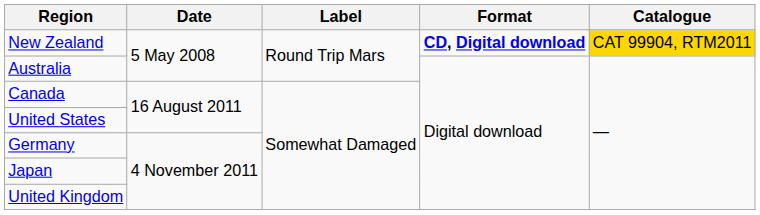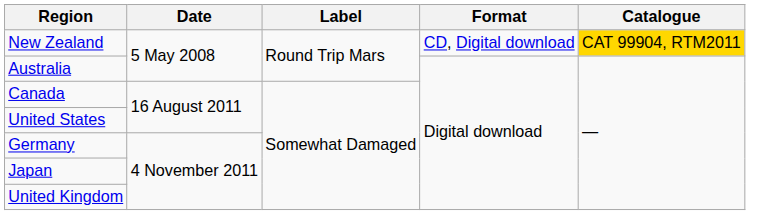 <table class="wikitable">
 <tr>
 <th>Region</th>
 <th>Date</th>
 <th>Label</th>
 <th>Format</th>
 <th>Catalogue</th>
 </tr>
 <tr>
 <td><a href='#'>New Zealand</a></td>
 <td rowspan="2">5 May 2008</td>
 <td rowspan="2">Round Trip Mars</td>
-<td><strong><a href='#'>CD</a>, <a href='#'>Digital download</a></strong></td>
+<td><a href='#'>CD</a>, <a href='#'>Digital download</a></td>
 <td style="background: gold;">CAT 99904, RTM2011</td>
 </tr>
 <tr>
 <td><a href='#'>Australia</a></td>
 <td rowspan="6">Digital download</td>
 <td rowspan="6">—</td>
 </tr>
 <tr>
 <td><a href='#'>Canada</a></td>
 <td rowspan="2">16 August 2011</td>
 <td rowspan="5">Somewhat Damaged</td>
 </tr>
 <tr>
 <td><a href='#'>United States</a></td>
 </tr>
 <tr>
 <td><a href='#'>Germany</a></td>
 <td rowspan="3">4 November 2011</td>
 </tr>
 <tr>
 <td><a href='#'>Japan</a></td>
 </tr>
 <tr>
 <td><a href='#'>United Kingdom</a></td>
 </tr>
 </table>
